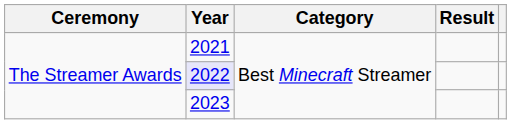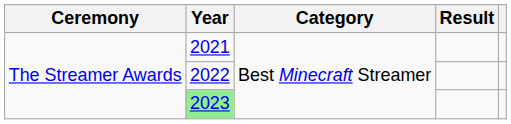 <table class="wikitable" style="text-align:center;">
 <tr>
 <th>Ceremony</th>
 <th>Year</th>
 <th>Category</th>
 <th>Result</th>
 <th></th>
 </tr>
 <tr>
 <td rowspan="3"><a href='#'>The Streamer Awards</a></td>
 <td><a href='#'>2021</a></td>
 <td rowspan="3">Best <em><a href='#'>Minecraft</a></em> Streamer</td>
 <td></td>
 <td></td>
 </tr>
 <tr>
-<td style="background: lavender;"><a href='#'>2022</a></td>
+<td><a href='#'>2022</a></td>
 <td></td>
 <td></td>
 </tr>
 <tr>
-<td><a href='#'>2023</a></td>
+<td style="background: lightgreen;"><a href='#'>2023</a></td>
 <td></td>
 <td></td>
 </tr>
 </table>
